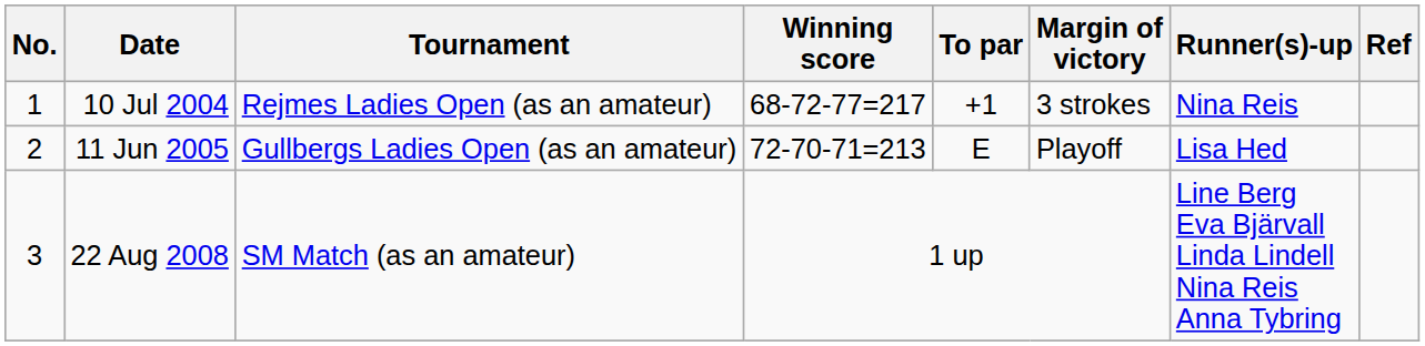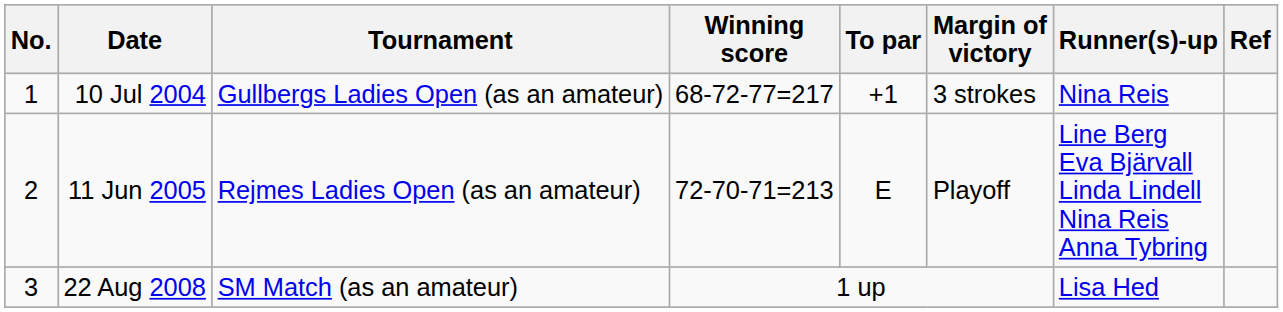 <table class="wikitable" style="font-size:95%;">
 <tr>
 <th>No.</th>
 <th>Date</th>
 <th>Tournament</th>
 <th>Winning<br>score</th>
 <th>To par</th>
 <th>Margin of<br>victory</th>
 <th>Runner(s)-up</th>
 <th>Ref</th>
 </tr>
 <tr>
 <td align=center>1</td>
 <td align=right>10 Jul <a href='#'>2004</a></td>
-<td><a href='#'>Rejmes Ladies Open</a> (as an amateur)</td>
+<td><a href='#'>Gullbergs Ladies Open</a> (as an amateur)</td>
 <td align=right>68-72-77=217</td>
 <td align=center>+1</td>
 <td>3 strokes</td>
 <td> <a href='#'>Nina Reis</a></td>
 <td></td>
 </tr>
 <tr>
 <td align=center>2</td>
 <td align=right>11 Jun <a href='#'>2005</a></td>
-<td><a href='#'>Gullbergs Ladies Open</a> (as an amateur)</td>
+<td><a href='#'>Rejmes Ladies Open</a> (as an amateur)</td>
 <td align=right>72-70-71=213</td>
 <td align=center>E</td>
 <td>Playoff</td>
-<td> <a href='#'>Lisa Hed</a></td>
+<td> <a href='#'>Line Berg</a><br> <a href='#'>Eva Bjärvall</a><br> <a href='#'>Linda Lindell</a><br> <a href='#'>Nina Reis</a><br> <a href='#'>Anna Tybring</a></td>
 <td></td>
 </tr>
 <tr>
 <td align=center>3</td>
 <td align=right>22 Aug <a href='#'>2008</a></td>
 <td><a href='#'>SM Match</a> (as an amateur)</td>
 <td colspan=3 align=center>1 up</td>
-<td> <a href='#'>Line Berg</a><br> <a href='#'>Eva Bjärvall</a><br> <a href='#'>Linda Lindell</a><br> <a href='#'>Nina Reis</a><br> <a href='#'>Anna Tybring</a></td>
+<td> <a href='#'>Lisa Hed</a></td>
 <td></td>
 </tr>
 </table>
